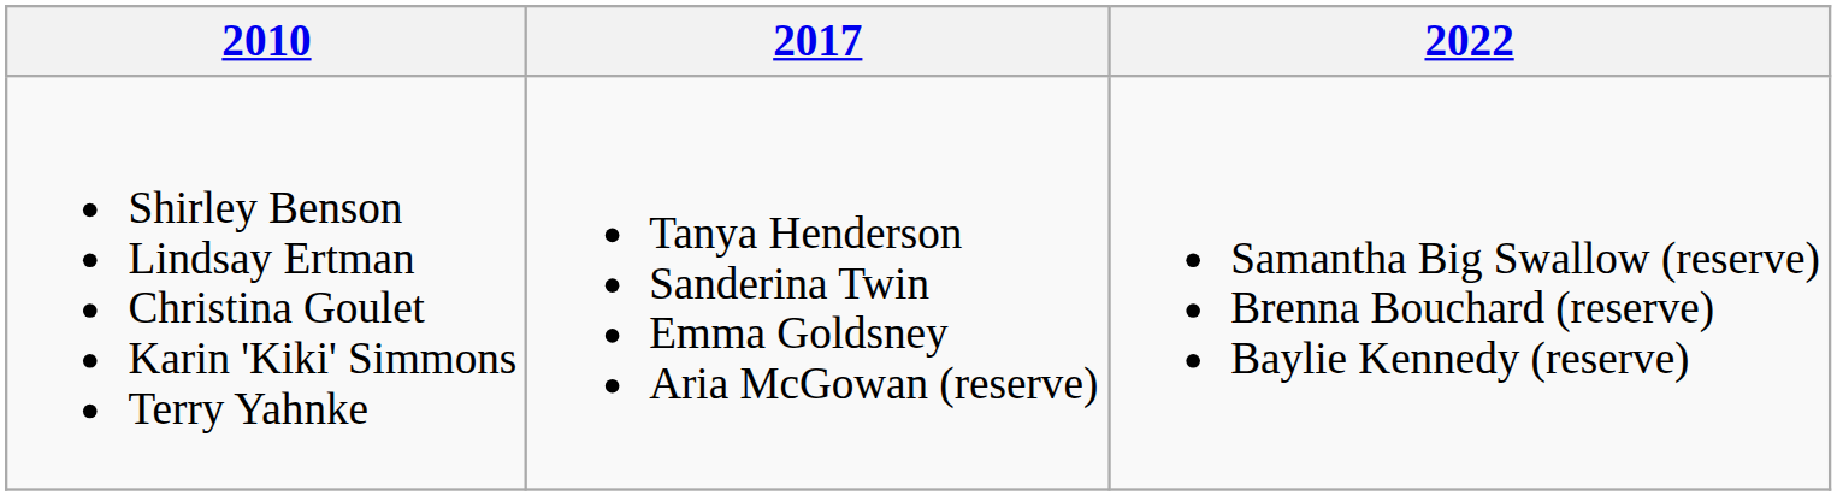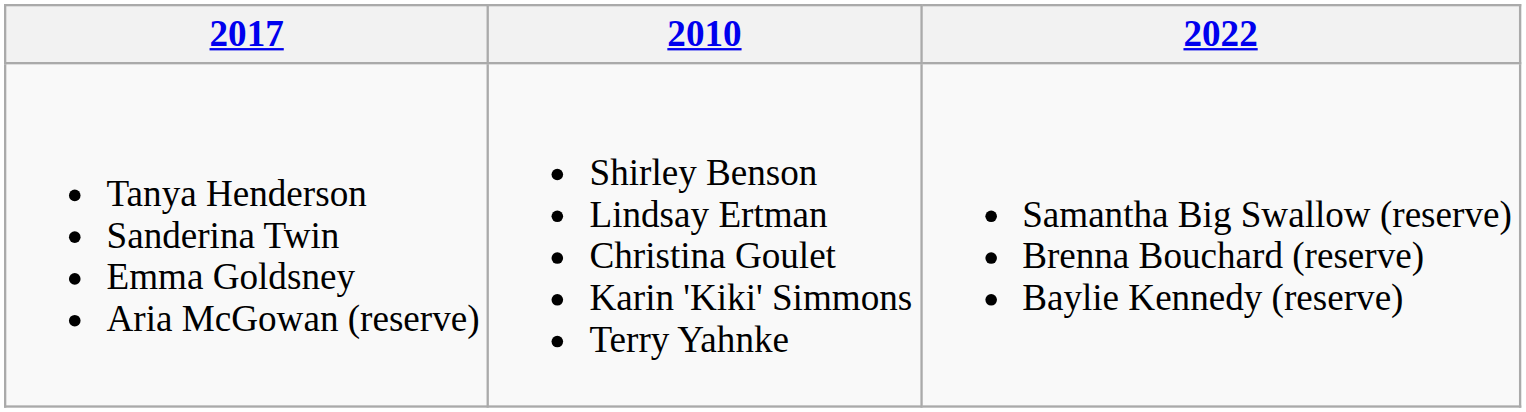 <table class="wikitable">
 <tr>
+<th><a href='#'>2017</a></th>
 <th><a href='#'>2010</a></th>
-<th><a href='#'>2017</a></th>
 <th><a href='#'>2022</a></th>
 </tr>
 <tr>
+<td><br><ul><li>Tanya Henderson</li><li>Sanderina Twin</li><li>Emma Goldsney</li><li>Aria McGowan (reserve)</li></ul></td>
 <td><br><ul><li>Shirley Benson</li><li>Lindsay Ertman</li><li>Christina Goulet</li><li>Karin 'Kiki' Simmons</li><li>Terry Yahnke</li></ul></td>
-<td><br><ul><li>Tanya Henderson</li><li>Sanderina Twin</li><li>Emma Goldsney</li><li>Aria McGowan (reserve)</li></ul></td>
 <td><br><ul><li>Samantha Big Swallow (reserve)</li><li>Brenna Bouchard (reserve)</li><li>Baylie Kennedy (reserve)</li></ul></td>
 </tr>
 </table>
